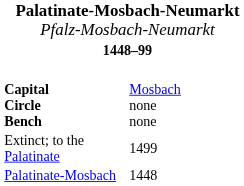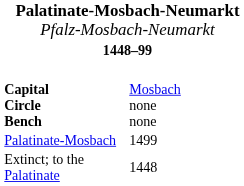 <table align="right" class="toccolours">
 <tr>
 <td colspan=2 align="center"><big><strong>Palatinate-Mosbach-Neumarkt</strong><br><em>Pfalz-Mosbach-Neumarkt</em></big></td>
 </tr>
 <tr>
 <td colspan=2 align="center"><strong>1448–99</strong></td>
 </tr>
 <tr>
 <td><br></td>
 </tr>
 <tr>
 <td width=138px><strong>Capital<br>Circle<br>Bench</strong></td>
 <td width=138px><a href='#'>Mosbach</a><br>none<br>none</td>
 </tr>
 <tr>
-<td>Extinct; to the <a href='#'>Palatinate</a></td>
+<td><a href='#'>Palatinate-Mosbach</a></td>
 <td>1499</td>
 </tr>
 <tr>
-<td><a href='#'>Palatinate-Mosbach</a></td>
+<td>Extinct; to the <a href='#'>Palatinate</a></td>
 <td>1448</td>
 </tr>
 <tr>
 </tr>
 </table>
